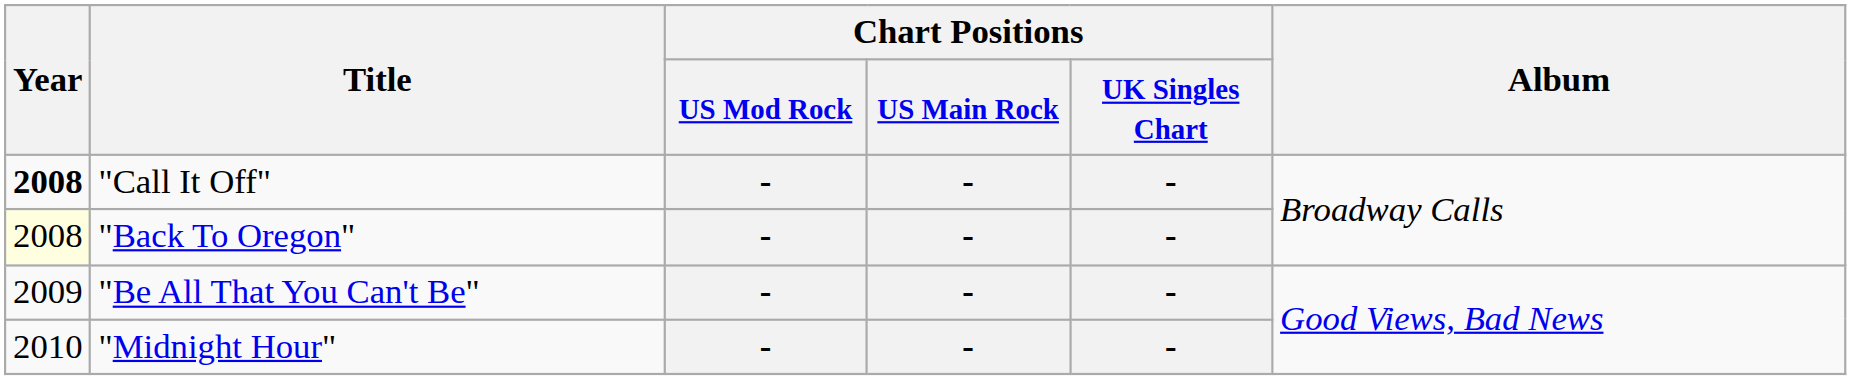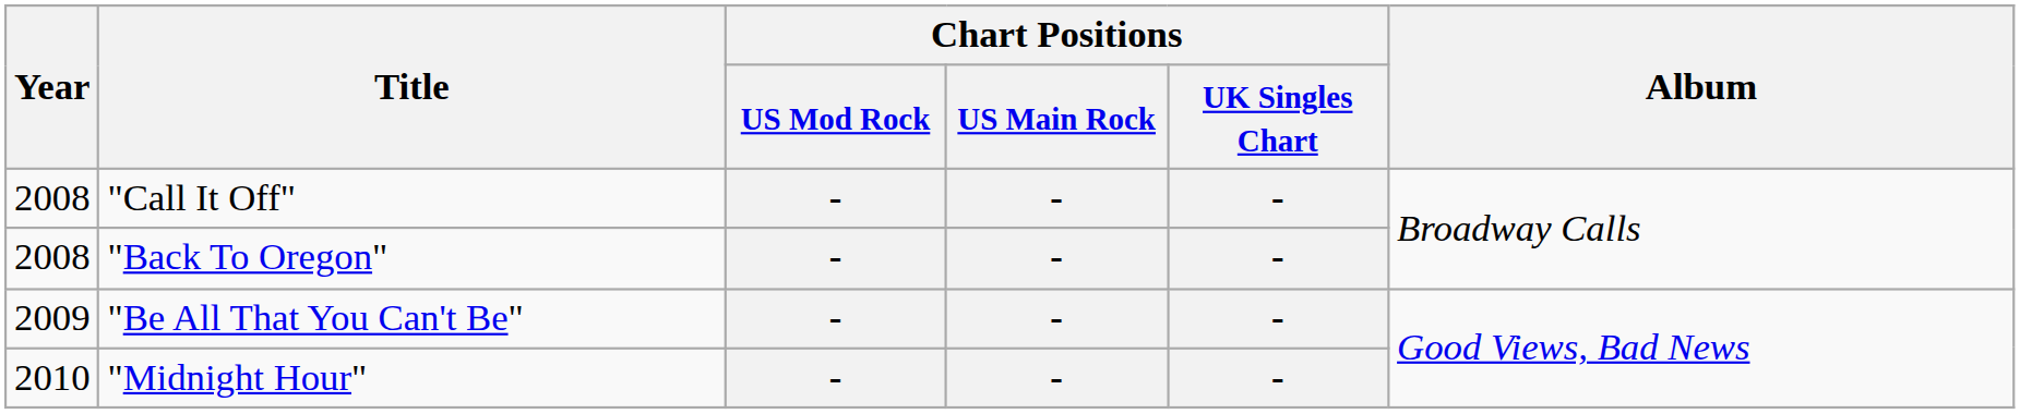 <table class="wikitable">
 <tr>
 <th width="28" rowspan="2">Year</th>
 <th width="257" rowspan="2">Title</th>
 <th colspan="3">Chart Positions</th>
 <th width="257" rowspan="2">Album</th>
 </tr>
 <tr>
 <th width="86"><small><a href='#'>US Mod Rock</a></small></th>
 <th width="86"><small><a href='#'>US Main Rock</a></small></th>
 <th width="86"><small><a href='#'>UK Singles Chart</a></small></th>
 </tr>
 <tr>
-<td><strong>2008</strong></td>
+<td>2008</td>
 <td>"Call It Off"</td>
 <th>-</th>
 <th>-</th>
 <th>-</th>
 <td rowspan ="2"><em>Broadway Calls</em></td>
 </tr>
 <tr>
-<td style="background: lightyellow;">2008</td>
+<td>2008</td>
 <td>"<a href='#'>Back To Oregon</a>"</td>
 <th>-</th>
 <th>-</th>
 <th>-</th>
 </tr>
 <tr>
 <td>2009</td>
 <td>"<a href='#'>Be All That You Can't Be</a>"</td>
 <th>-</th>
 <th>-</th>
 <th>-</th>
 <td rowspan ="2"><em><a href='#'>Good Views, Bad News</a></em></td>
 </tr>
 <tr>
 <td>2010</td>
 <td>"<a href='#'>Midnight Hour</a>"</td>
 <th>-</th>
 <th>-</th>
 <th>-</th>
 </tr>
 </table>
